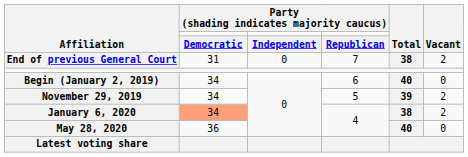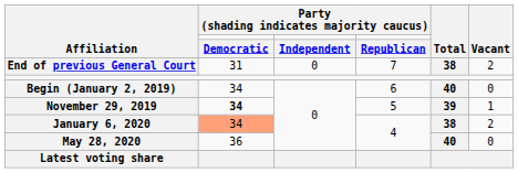 <table class="wikitable" style="text-align:center">
 <tr style="vertical-align:bottom">
 <th rowspan=3>Affiliation</th>
 <th colspan=3>Party<div>(shading indicates majority caucus)</div></th>
 <th rowspan=3>Total</th>
 <th rowspan=3>Vacant</th>
 </tr>
 <tr style="height:5px">
 <td style="background-color:"></td>
 <td style="background-color:"></td>
 <td style="background-color:"></td>
 </tr>
 <tr>
 <th><a href='#'>Democratic</a></th>
 <th><a href='#'>Independent</a></th>
 <th><a href='#'>Republican</a></th>
 </tr>
 <tr>
 <th>End of <a href='#'>previous General Court</a></th>
 <td>31</td>
 <td>0</td>
 <td>7</td>
 <th>38</th>
 <td>2</td>
 </tr>
 <tr>
 <td colspan=8></td>
 </tr>
 <tr>
 <th>Begin (January 2, 2019)</th>
 <td>34</td>
 <td rowspan=4>0</td>
 <td>6</td>
 <th>40</th>
 <td>0</td>
 </tr>
 <tr>
 <th>November 29, 2019</th>
-<td>34</td>
+<td><strong>34</strong></td>
 <td>5</td>
 <th>39</th>
-<td>2</td>
+<td>1</td>
 </tr>
 <tr>
 <th>January 6, 2020</th>
 <td style="background: lightsalmon;">34</td>
 <td rowspan=2>4</td>
 <th>38</th>
 <td>2</td>
 </tr>
 <tr>
 <th>May 28, 2020</th>
 <td>36</td>
 <th>40</th>
 <td>0</td>
 </tr>
 <tr>
 <th>Latest voting share</th>
 <th></th>
 <th></th>
 <th></th>
 <th colspan=2></th>
 </tr>
 </table>
